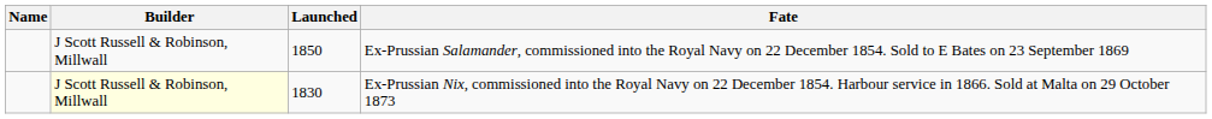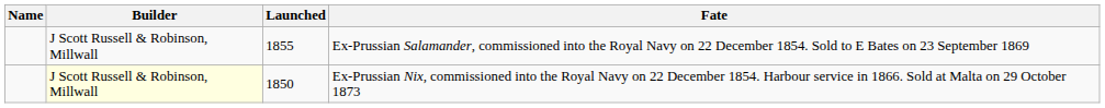 <table class="wikitable" style="text-align:left">
 <tr>
 <th>Name</th>
 <th>Builder</th>
 <th>Launched</th>
 <th>Fate</th>
 </tr>
 <tr>
 <td></td>
 <td>J Scott Russell & Robinson, Millwall</td>
-<td>1850</td>
+<td>1855</td>
 <td>Ex-Prussian <em>Salamander</em>, commissioned into the Royal Navy on 22 December 1854. Sold to E Bates on 23 September 1869</td>
 </tr>
 <tr>
 <td></td>
 <td style="background: lightyellow;">J Scott Russell & Robinson, Millwall</td>
-<td>1830</td>
+<td>1850</td>
 <td>Ex-Prussian <em>Nix</em>, commissioned into the Royal Navy on 22 December 1854.  Harbour service in 1866. Sold at Malta on 29 October 1873</td>
 </tr>
 </table>
